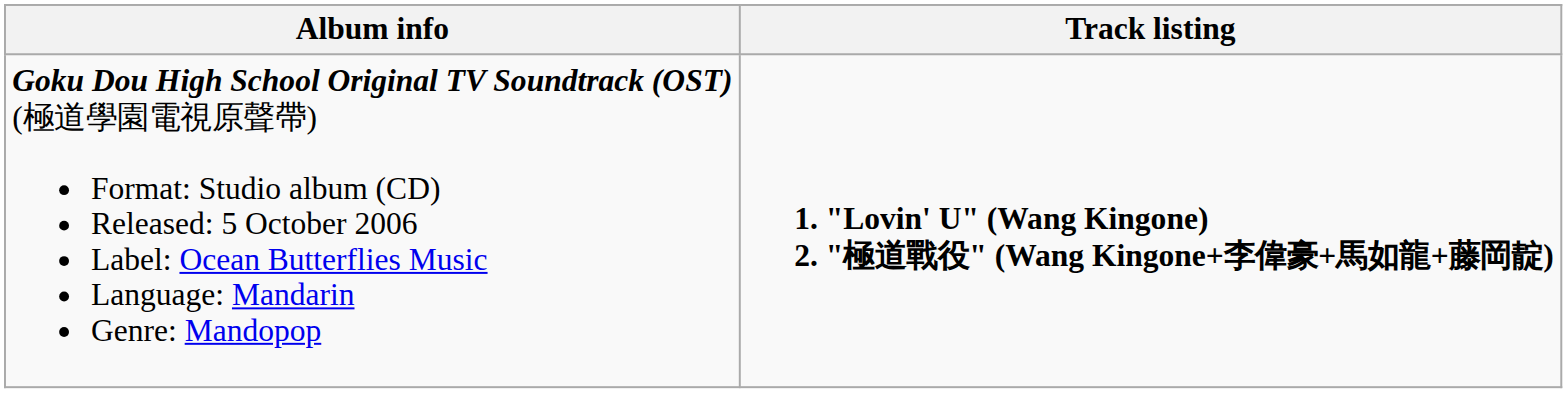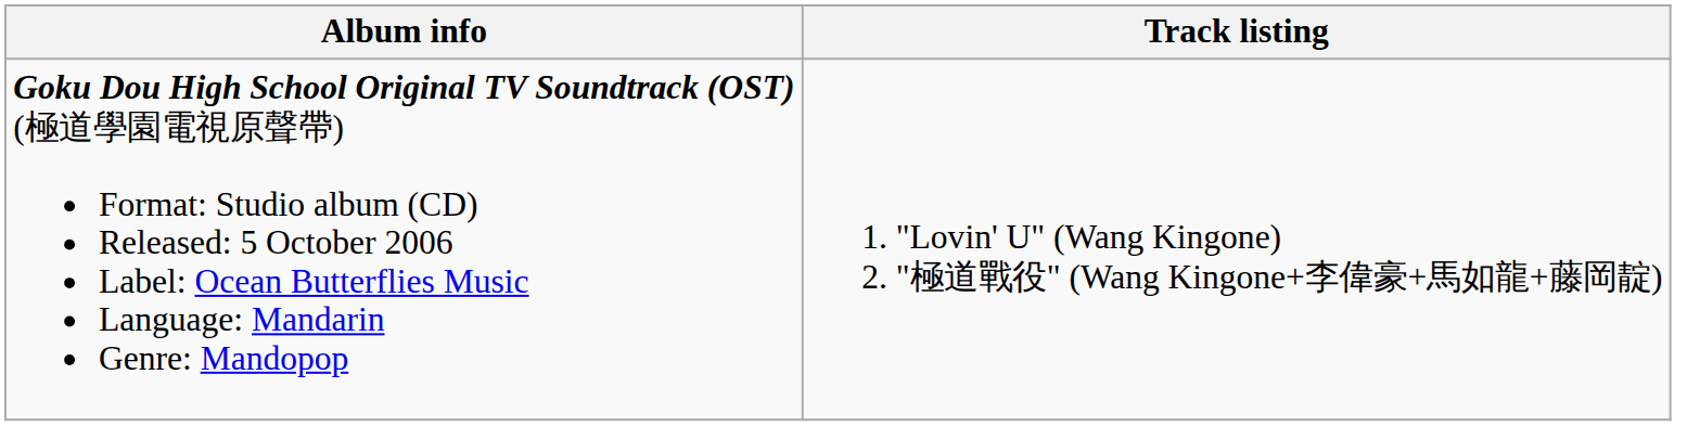 <table class="wikitable">
 <tr>
 <th>Album info</th>
 <th>Track listing</th>
 </tr>
 <tr>
 <td><strong><em>Goku Dou High School Original TV Soundtrack (OST)</em></strong> <br>(極道學園電視原聲帶)<br><ul><li>Format: Studio album (CD)</li><li>Released: 5 October 2006</li><li>Label: <a href='#'>Ocean Butterflies Music</a></li><li>Language: <a href='#'>Mandarin</a></li><li>Genre: <a href='#'>Mandopop</a></li></ul></td>
-<td><strong><br><ol><li>"Lovin' U" (Wang Kingone)</li><li>"極道戰役" (Wang Kingone+李偉豪+馬如龍+藤岡靛)</li></ol></strong></td>
+<td><br><ol><li>"Lovin' U" (Wang Kingone)</li><li>"極道戰役" (Wang Kingone+李偉豪+馬如龍+藤岡靛)</li></ol></td>
 </tr>
 </table>
